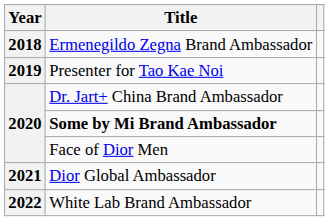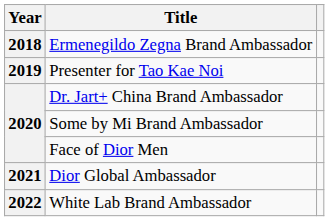 <table class="wikitable plainrowheaders sortable">
 <tr>
 <th scope="col">Year</th>
 <th scope="col">Title</th>
 <th scope="col" class="unsortable"></th>
 </tr>
 <tr>
 <th scope="row">2018</th>
 <td><a href='#'>Ermenegildo Zegna</a> Brand Ambassador</td>
 <td style="text-align:center"></td>
 </tr>
 <tr>
 <th scope="row">2019</th>
 <td>Presenter for <a href='#'>Tao Kae Noi</a></td>
 <td style="text-align:center"></td>
 </tr>
 <tr>
 <th scope="row" rowspan="3">2020</th>
 <td><a href='#'>Dr. Jart+</a> China Brand Ambassador</td>
 <td style="text-align:center"></td>
 </tr>
 <tr>
-<td><strong>Some by Mi Brand Ambassador</strong></td>
+<td>Some by Mi Brand Ambassador</td>
 <td style="text-align:center"></td>
 </tr>
 <tr>
 <td>Face of <a href='#'>Dior</a> Men</td>
 <td style="text-align:center"></td>
 </tr>
 <tr>
 <th scope="row">2021</th>
 <td><a href='#'>Dior</a> Global Ambassador</td>
 <td style="text-align:center"></td>
 </tr>
 <tr>
 <th scope="row">2022</th>
 <td>White Lab Brand Ambassador</td>
 <td style="text-align:center"></td>
 </tr>
 </table>
